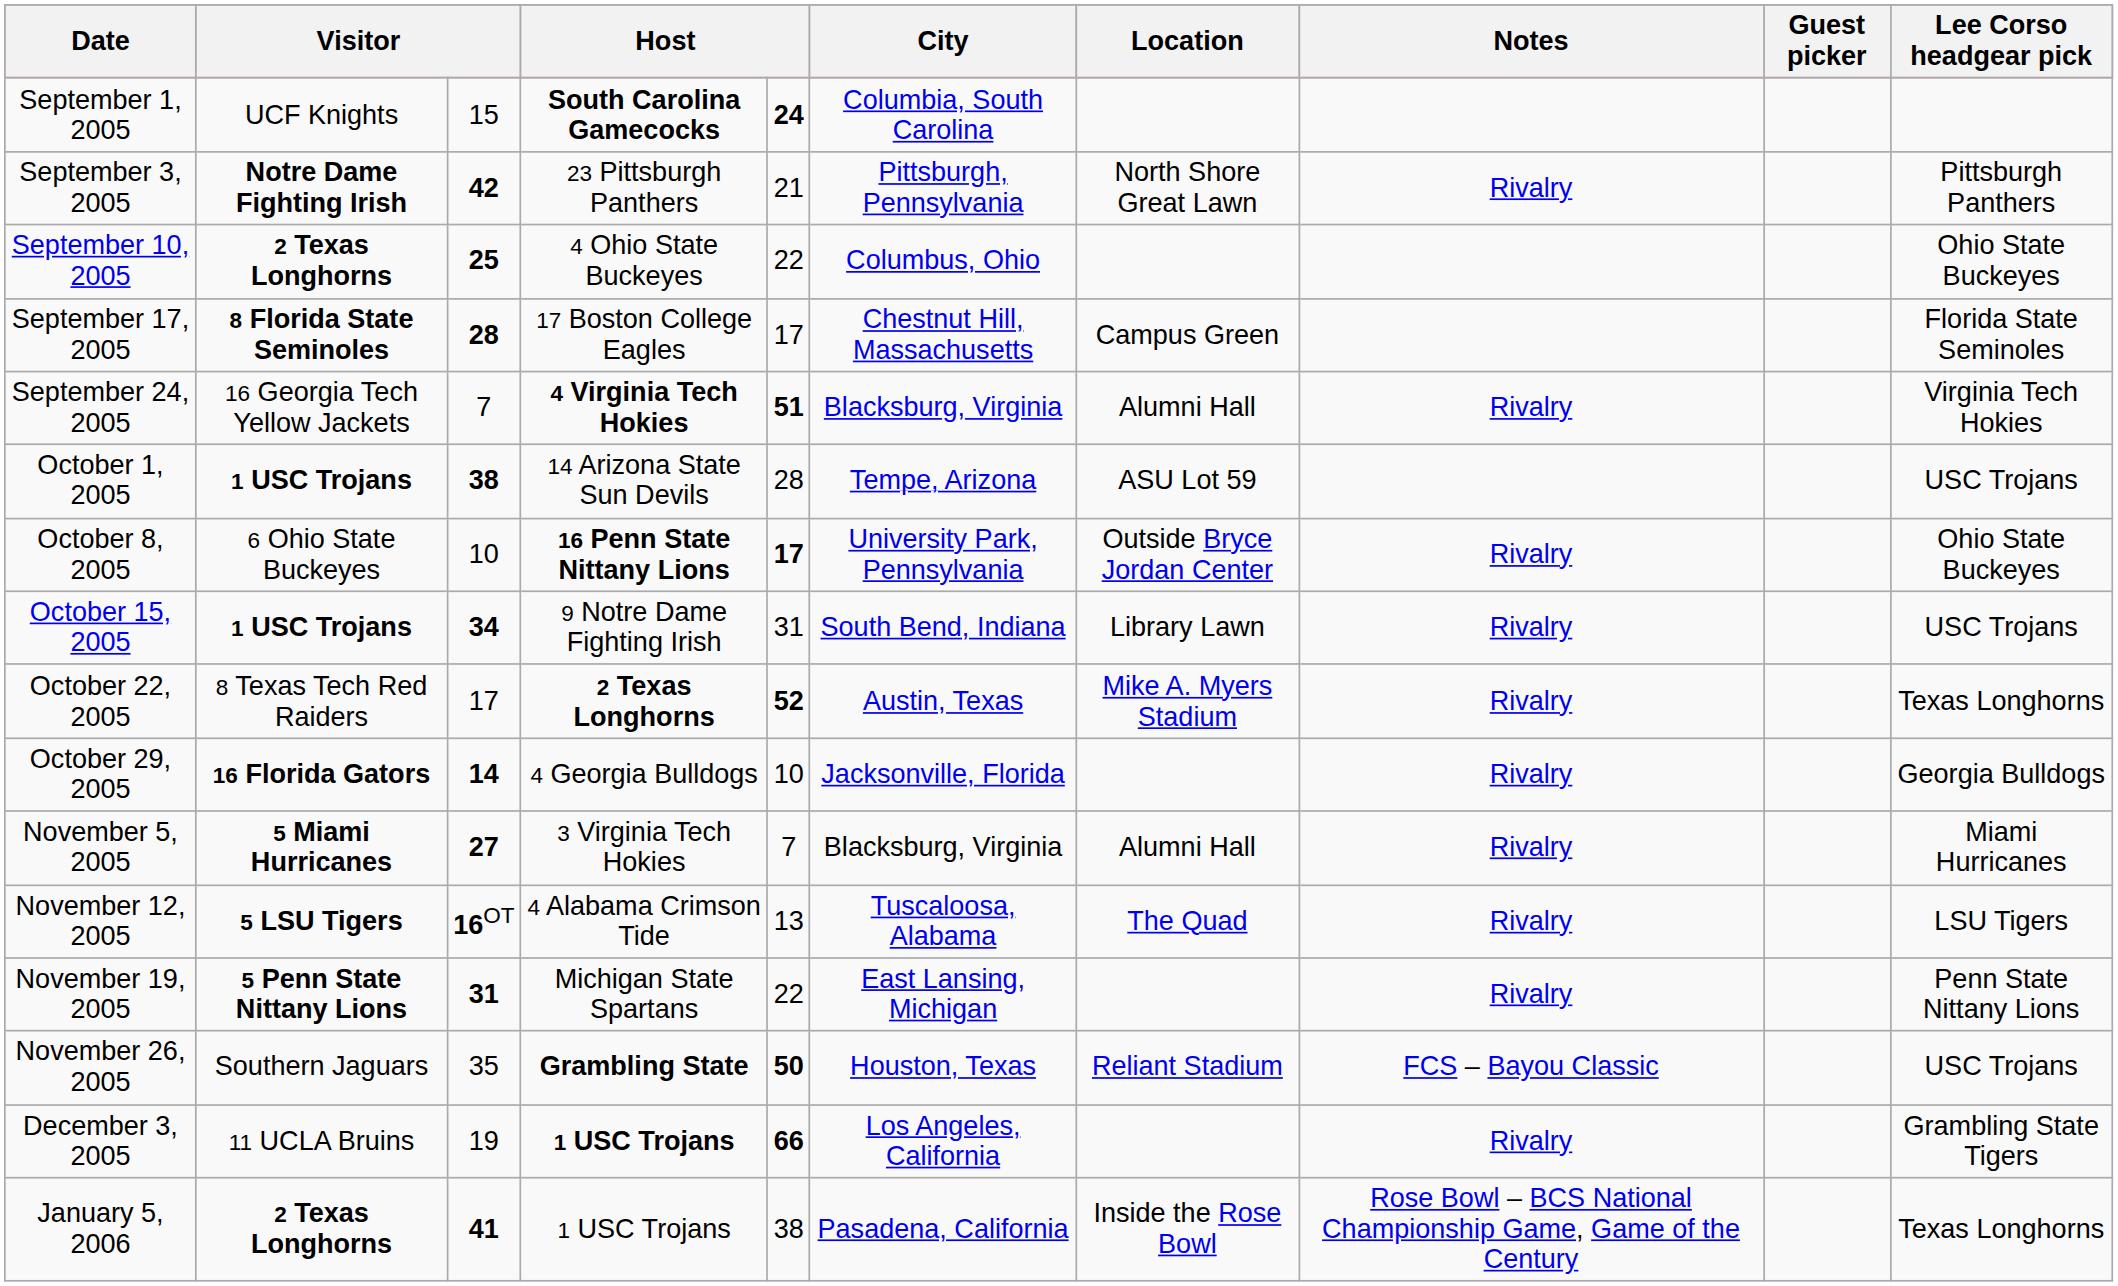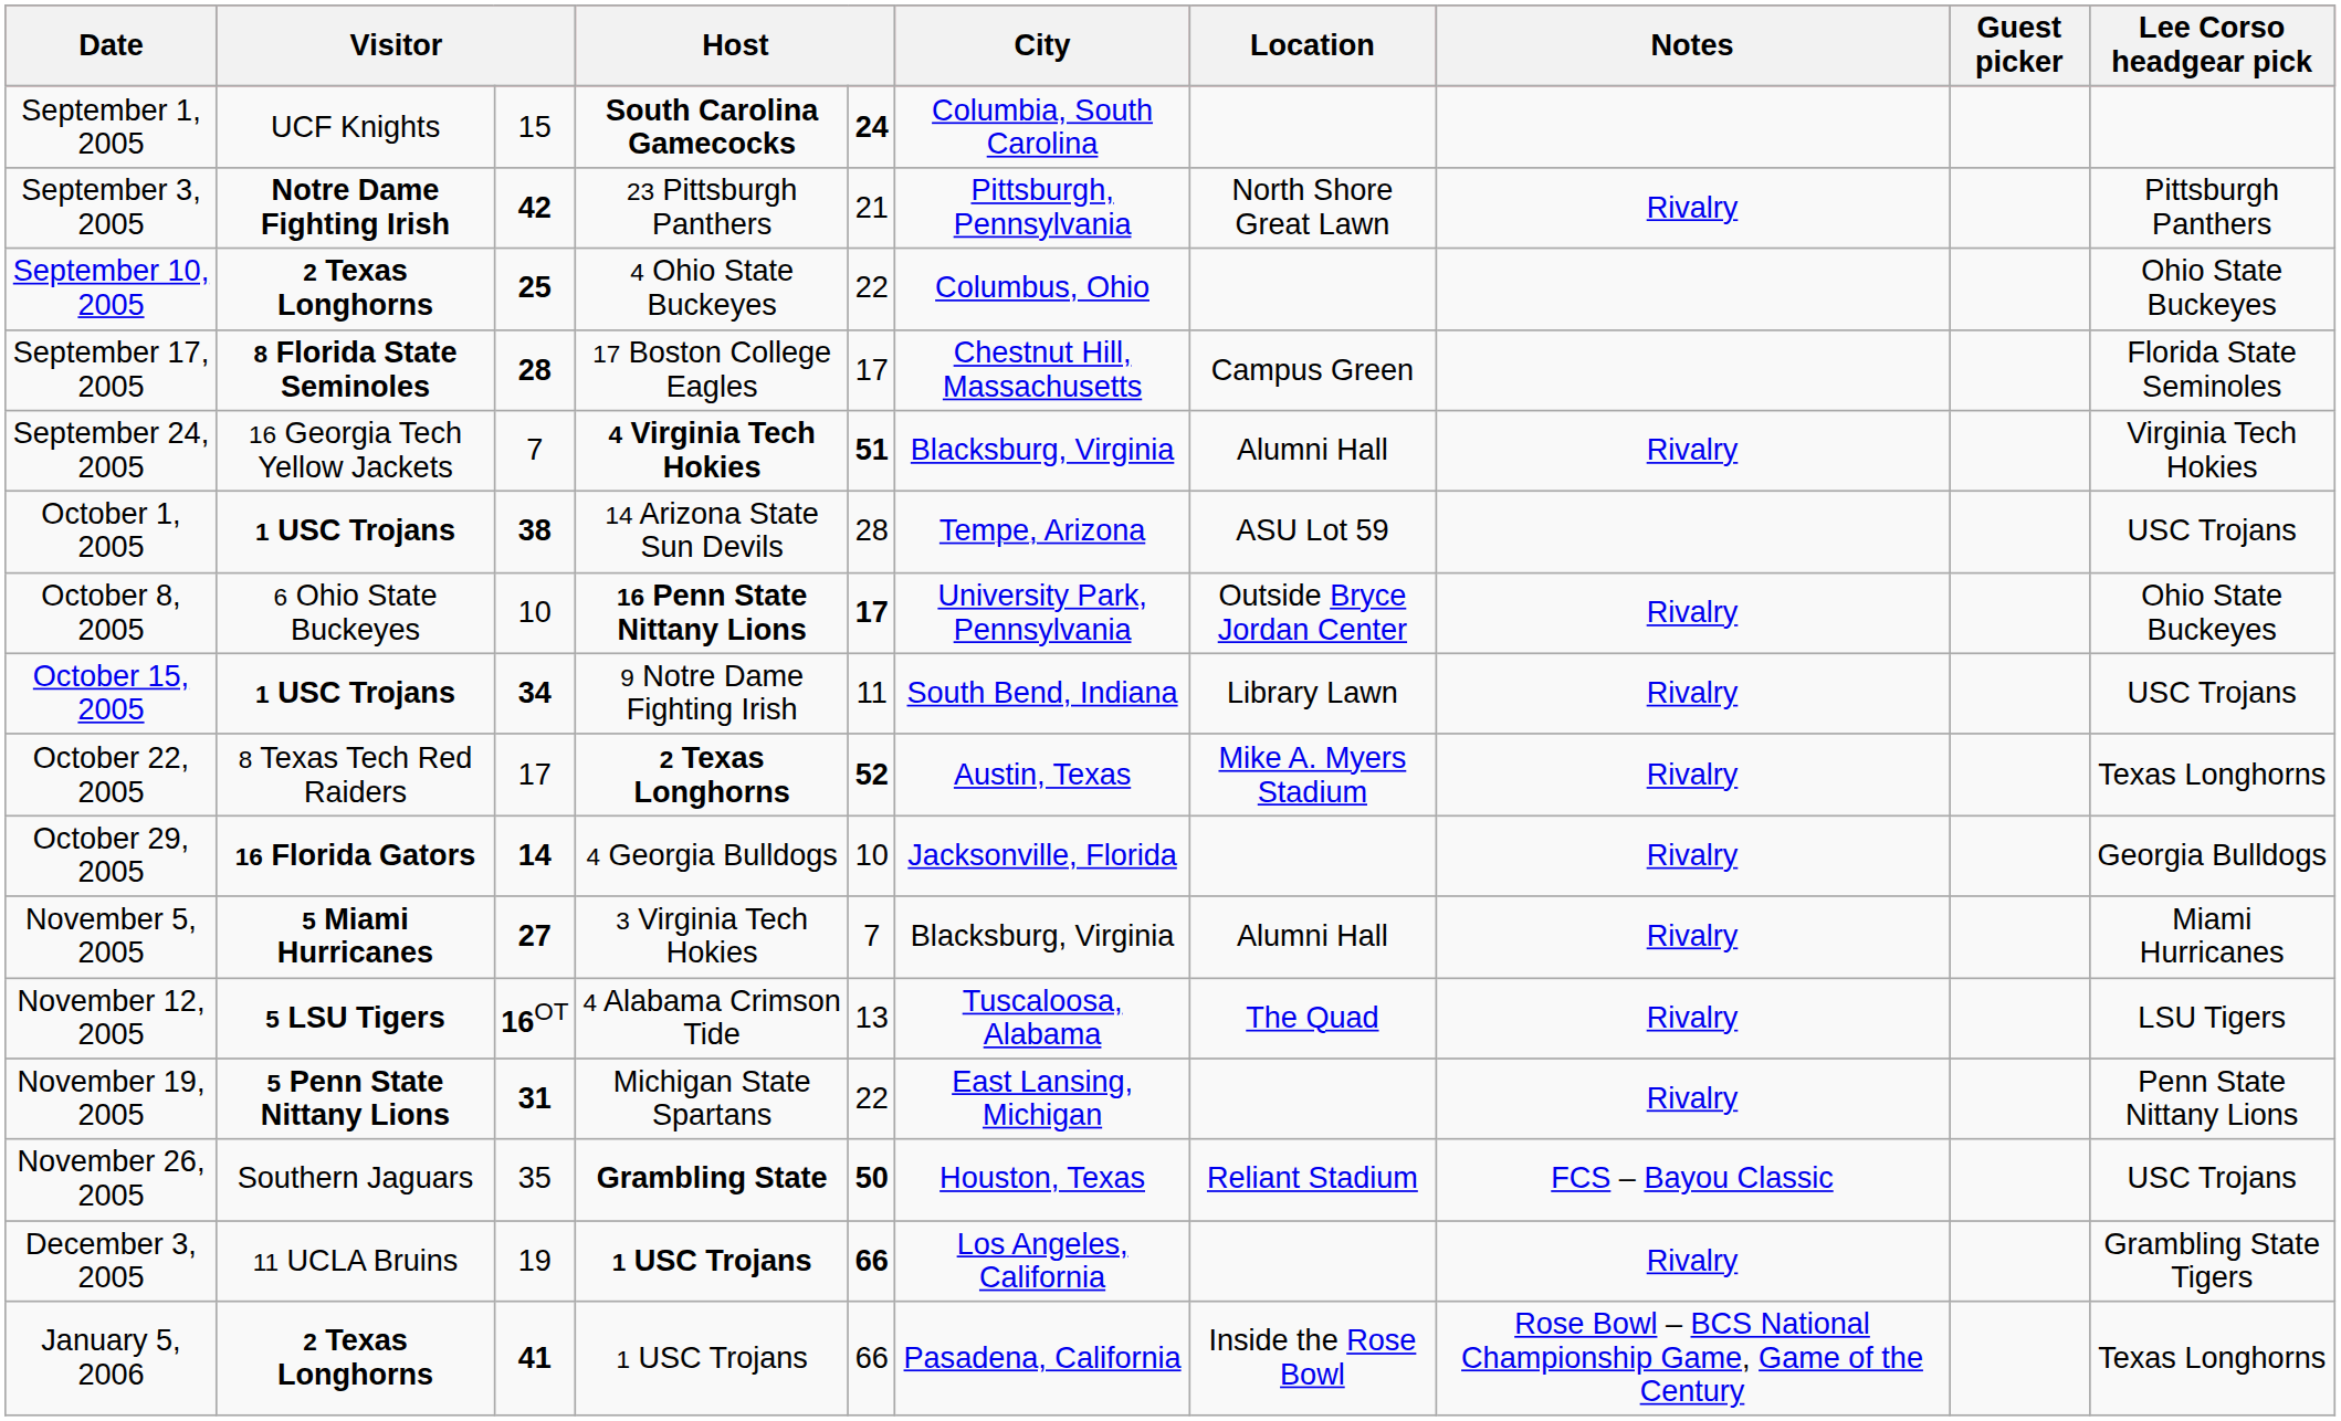 <table class="wikitable" style="text-align:center">
 <tr style="background:#A32638;"|>
 <th>Date</th>
 <th colspan=2>Visitor</th>
 <th colspan=2>Host</th>
 <th>City</th>
 <th>Location</th>
 <th>Notes</th>
 <th>Guest picker</th>
 <th>Lee Corso headgear pick</th>
 </tr>
 <tr>
 <td>September 1, 2005</td>
 <td>UCF Knights</td>
 <td>15</td>
 <td><strong>South Carolina Gamecocks</strong></td>
 <td><strong>24</strong></td>
 <td><a href='#'>Columbia, South Carolina</a></td>
 <td></td>
 <td></td>
 <td></td>
 <td></td>
 </tr>
 <tr>
 <td>September 3, 2005</td>
 <td><strong>Notre Dame Fighting Irish</strong></td>
 <td><strong>42</strong></td>
 <td><small>23</small> Pittsburgh Panthers</td>
 <td>21</td>
 <td><a href='#'>Pittsburgh, Pennsylvania</a></td>
 <td>North Shore Great Lawn</td>
 <td><a href='#'>Rivalry</a></td>
 <td></td>
 <td>Pittsburgh Panthers</td>
 </tr>
 <tr>
 <td><a href='#'>September 10, 2005</a></td>
 <td><strong><small>2</small> Texas Longhorns</strong></td>
 <td><strong>25</strong></td>
 <td><small>4</small> Ohio State Buckeyes</td>
 <td>22</td>
 <td><a href='#'>Columbus, Ohio</a></td>
 <td></td>
 <td></td>
 <td></td>
 <td>Ohio State Buckeyes</td>
 </tr>
 <tr>
 <td>September 17, 2005</td>
 <td><strong><small>8</small> Florida State Seminoles</strong></td>
 <td><strong>28</strong></td>
 <td><small>17</small> Boston College Eagles</td>
 <td>17</td>
 <td><a href='#'>Chestnut Hill, Massachusetts</a></td>
 <td>Campus Green</td>
 <td></td>
 <td></td>
 <td>Florida State Seminoles</td>
 </tr>
 <tr>
 <td>September 24, 2005</td>
 <td><small>16</small> Georgia Tech Yellow Jackets</td>
 <td>7</td>
 <td><strong><small>4</small> Virginia Tech Hokies</strong></td>
 <td><strong>51</strong></td>
 <td><a href='#'>Blacksburg, Virginia</a></td>
 <td>Alumni Hall</td>
 <td><a href='#'>Rivalry</a></td>
 <td></td>
 <td>Virginia Tech Hokies</td>
 </tr>
 <tr>
 <td>October 1, 2005</td>
 <td><strong><small>1</small> USC Trojans</strong></td>
 <td><strong>38</strong></td>
 <td><small>14</small> Arizona State Sun Devils</td>
 <td>28</td>
 <td><a href='#'>Tempe, Arizona</a></td>
 <td>ASU Lot 59</td>
 <td></td>
 <td></td>
 <td>USC Trojans</td>
 </tr>
 <tr>
 <td>October 8, 2005</td>
 <td><small>6</small> Ohio State Buckeyes</td>
 <td>10</td>
 <td><strong><small>16</small> Penn State Nittany Lions</strong></td>
 <td><strong>17</strong></td>
 <td><a href='#'>University Park, Pennsylvania</a></td>
 <td>Outside <a href='#'>Bryce Jordan Center</a></td>
 <td><a href='#'>Rivalry</a></td>
 <td></td>
 <td>Ohio State Buckeyes</td>
 </tr>
 <tr>
 <td><a href='#'>October 15, 2005</a></td>
 <td><strong><small>1</small> USC Trojans</strong></td>
 <td><strong>34</strong></td>
 <td><small>9</small> Notre Dame Fighting Irish</td>
-<td>31</td>
+<td>11</td>
 <td><a href='#'>South Bend, Indiana</a></td>
 <td>Library Lawn</td>
 <td><a href='#'>Rivalry</a></td>
 <td></td>
 <td>USC Trojans</td>
 </tr>
 <tr>
 <td>October 22, 2005</td>
 <td><small>8</small> Texas Tech Red Raiders</td>
 <td>17</td>
 <td><strong><small>2</small> Texas Longhorns</strong></td>
 <td><strong>52</strong></td>
 <td><a href='#'>Austin, Texas</a></td>
 <td><a href='#'>Mike A. Myers Stadium</a></td>
 <td><a href='#'>Rivalry</a></td>
 <td></td>
 <td>Texas Longhorns</td>
 </tr>
 <tr>
 <td>October 29, 2005</td>
 <td><strong><small>16</small> Florida Gators</strong></td>
 <td><strong>14</strong></td>
 <td><small>4</small> Georgia Bulldogs</td>
 <td>10</td>
 <td><a href='#'>Jacksonville, Florida</a></td>
 <td></td>
 <td><a href='#'>Rivalry</a></td>
 <td></td>
 <td>Georgia Bulldogs</td>
 </tr>
 <tr>
 <td>November 5, 2005</td>
 <td><strong><small>5</small> Miami Hurricanes</strong></td>
 <td><strong>27</strong></td>
 <td><small>3</small> Virginia Tech Hokies</td>
 <td>7</td>
 <td>Blacksburg, Virginia</td>
 <td>Alumni Hall</td>
 <td><a href='#'>Rivalry</a></td>
 <td></td>
 <td>Miami Hurricanes</td>
 </tr>
 <tr>
 <td>November 12, 2005</td>
 <td><strong><small>5</small> LSU Tigers</strong></td>
 <td><strong>16</strong><sup>OT</sup></td>
 <td><small>4</small> Alabama Crimson Tide</td>
 <td>13</td>
 <td><a href='#'>Tuscaloosa, Alabama</a></td>
 <td><a href='#'>The Quad</a></td>
 <td><a href='#'>Rivalry</a></td>
 <td></td>
 <td>LSU Tigers</td>
 </tr>
 <tr>
 <td>November 19, 2005</td>
 <td><strong><small>5</small> Penn State Nittany Lions</strong></td>
 <td><strong>31</strong></td>
 <td>Michigan State Spartans</td>
 <td>22</td>
 <td><a href='#'>East Lansing, Michigan</a></td>
 <td></td>
 <td><a href='#'>Rivalry</a></td>
 <td></td>
 <td>Penn State Nittany Lions</td>
 </tr>
 <tr>
 <td>November 26, 2005</td>
 <td>Southern Jaguars</td>
 <td>35</td>
 <td><strong>Grambling State</strong></td>
 <td><strong>50</strong></td>
 <td><a href='#'>Houston, Texas</a></td>
 <td><a href='#'>Reliant Stadium</a></td>
 <td><a href='#'>FCS</a> – <a href='#'>Bayou Classic</a></td>
 <td></td>
 <td>USC Trojans</td>
 </tr>
 <tr>
 <td>December 3, 2005</td>
 <td><small>11</small> UCLA Bruins</td>
 <td>19</td>
 <td><strong><small>1</small> USC Trojans</strong></td>
 <td><strong>66</strong></td>
 <td><a href='#'>Los Angeles, California</a></td>
 <td></td>
 <td><a href='#'>Rivalry</a></td>
 <td></td>
 <td>Grambling State Tigers</td>
 </tr>
 <tr>
 <td>January 5, 2006</td>
 <td><strong><small>2</small> Texas Longhorns</strong></td>
 <td><strong>41</strong></td>
 <td><small>1</small> USC Trojans</td>
-<td>38</td>
+<td>66</td>
 <td><a href='#'>Pasadena, California</a></td>
 <td>Inside the <a href='#'>Rose Bowl</a></td>
 <td><a href='#'>Rose Bowl</a> – <a href='#'>BCS National Championship Game</a>, <a href='#'>Game of the Century</a></td>
 <td></td>
 <td>Texas Longhorns</td>
 </tr>
 </table>
